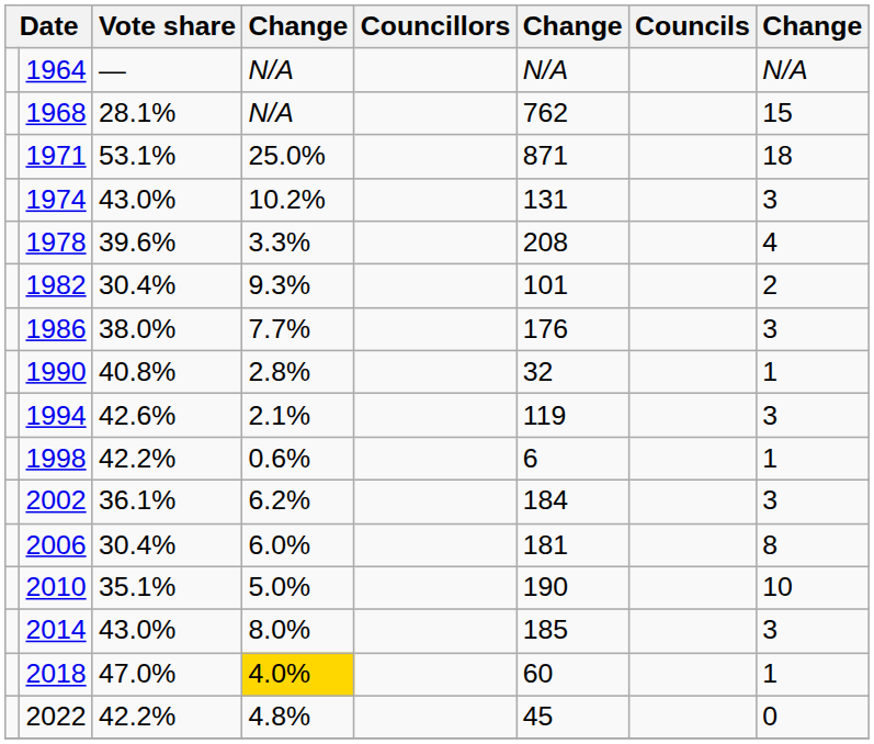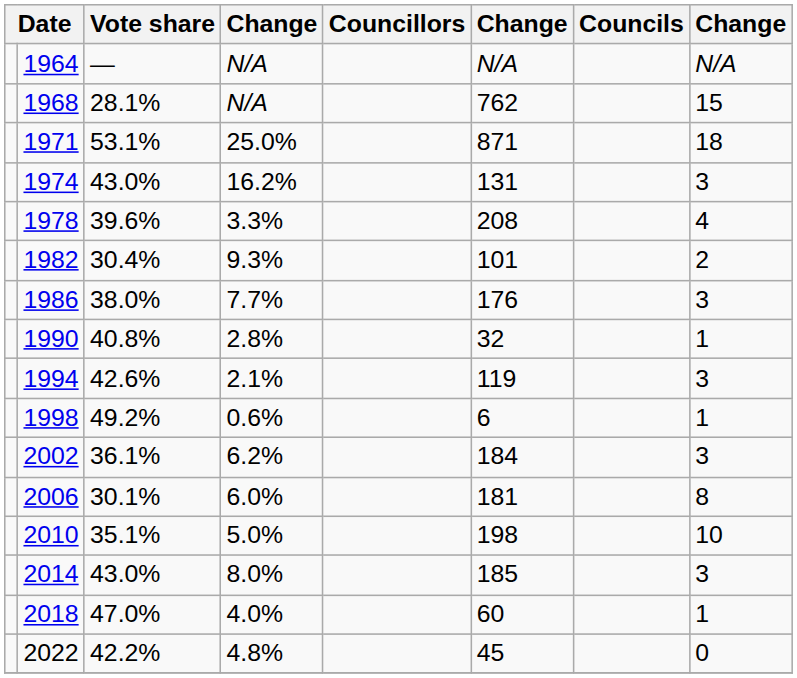 <table class="wikitable sortable" style="text-align: left">
 <tr>
 <th colspan="2">Date</th>
 <th>Vote share</th>
 <th>Change</th>
 <th>Councillors</th>
 <th>Change</th>
 <th>Councils</th>
 <th>Change</th>
 </tr>
 <tr>
 <td width="1" style="color:inherit;background:"></td>
 <td><a href='#'>1964</a></td>
 <td>—</td>
 <td><em>N/A</em></td>
 <td></td>
 <td><em>N/A</em></td>
 <td></td>
 <td><em>N/A</em></td>
 </tr>
 <tr>
 <td width="1" style="color:inherit;background:"></td>
 <td><a href='#'>1968</a></td>
 <td>28.1%</td>
 <td><em>N/A</em></td>
 <td></td>
 <td>762</td>
 <td></td>
 <td>15</td>
 </tr>
 <tr>
 <td width="1" style="color:inherit;background:"></td>
 <td><a href='#'>1971</a></td>
 <td>53.1%</td>
 <td>25.0%</td>
 <td></td>
 <td>871</td>
 <td></td>
 <td>18</td>
 </tr>
 <tr>
 <td width="1" style="color:inherit;background:"></td>
 <td><a href='#'>1974</a></td>
 <td>43.0%</td>
-<td>10.2%</td>
+<td>16.2%</td>
 <td></td>
 <td>131</td>
 <td></td>
 <td>3</td>
 </tr>
 <tr>
 <td width="1" style="color:inherit;background:"></td>
 <td><a href='#'>1978</a></td>
 <td>39.6%</td>
 <td>3.3%</td>
 <td></td>
 <td>208</td>
 <td></td>
 <td>4</td>
 </tr>
 <tr>
 <td width="1" style="color:inherit;background:"></td>
 <td><a href='#'>1982</a></td>
 <td>30.4%</td>
 <td>9.3%</td>
 <td></td>
 <td>101</td>
 <td></td>
 <td>2</td>
 </tr>
 <tr>
 <td width="1" style="color:inherit;background:"></td>
 <td><a href='#'>1986</a></td>
 <td>38.0%</td>
 <td>7.7%</td>
 <td></td>
 <td>176</td>
 <td></td>
 <td>3</td>
 </tr>
 <tr>
 <td width="1" style="color:inherit;background:"></td>
 <td><a href='#'>1990</a></td>
 <td>40.8%</td>
 <td>2.8%</td>
 <td></td>
 <td>32</td>
 <td></td>
 <td>1</td>
 </tr>
 <tr>
 <td width="1" style="color:inherit;background:"></td>
 <td><a href='#'>1994</a></td>
 <td>42.6%</td>
 <td>2.1%</td>
 <td></td>
 <td>119</td>
 <td></td>
 <td>3</td>
 </tr>
 <tr>
 <td width="1" style="color:inherit;background:"></td>
 <td><a href='#'>1998</a></td>
-<td>42.2%</td>
+<td>49.2%</td>
 <td>0.6%</td>
 <td></td>
 <td>6</td>
 <td></td>
 <td>1</td>
 </tr>
 <tr>
 <td width="1" style="color:inherit;background:"></td>
 <td><a href='#'>2002</a></td>
 <td>36.1%</td>
 <td>6.2%</td>
 <td></td>
 <td>184</td>
 <td></td>
 <td>3</td>
 </tr>
 <tr>
 <td width="1" style="color:inherit;background:"></td>
 <td><a href='#'>2006</a></td>
-<td>30.4%</td>
+<td>30.1%</td>
 <td>6.0%</td>
 <td></td>
 <td>181</td>
 <td></td>
 <td>8</td>
 </tr>
 <tr>
 <td width="1" style="color:inherit;background:"></td>
 <td><a href='#'>2010</a></td>
 <td>35.1%</td>
 <td>5.0%</td>
 <td></td>
-<td>190</td>
+<td>198</td>
 <td></td>
 <td>10</td>
 </tr>
 <tr>
 <td width="1" style="color:inherit;background:"></td>
 <td><a href='#'>2014</a></td>
 <td>43.0%</td>
 <td>8.0%</td>
 <td></td>
 <td>185</td>
 <td></td>
 <td>3</td>
 </tr>
 <tr>
 <td width="1" style="color:inherit;background:"></td>
 <td><a href='#'>2018</a></td>
 <td>47.0%</td>
-<td style="background: gold;">4.0%</td>
+<td>4.0%</td>
 <td></td>
 <td>60</td>
 <td></td>
 <td>1</td>
 </tr>
 <tr>
 <td width="1" style="color:inherit;background:"></td>
 <td>2022</td>
 <td>42.2%</td>
 <td>4.8%</td>
 <td></td>
 <td>45</td>
 <td></td>
 <td> 0</td>
 </tr>
 <tr>
 </tr>
 </table>
